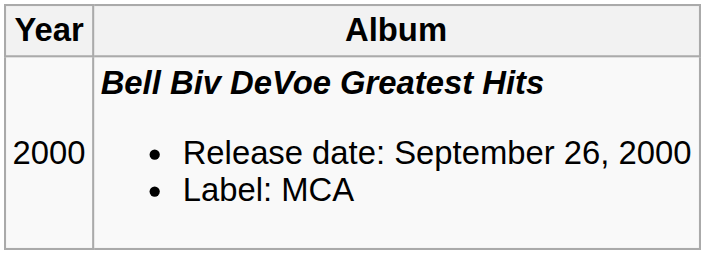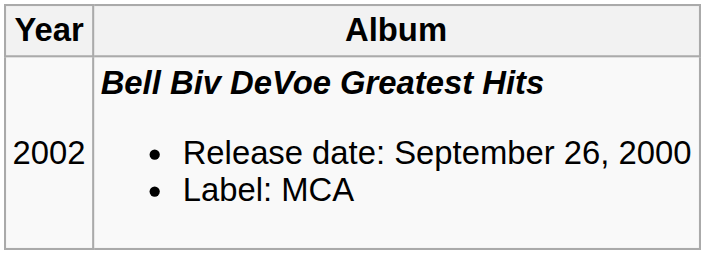 <table class="wikitable">
 <tr>
 <th>Year</th>
 <th>Album</th>
 </tr>
 <tr>
-<td>2000</td>
+<td>2002</td>
 <td style="text-align:left;"><strong><em>Bell Biv DeVoe Greatest Hits</em></strong><br><ul><li>Release date: September 26, 2000</li><li>Label: MCA</li></ul></td>
 </tr>
 </table>
